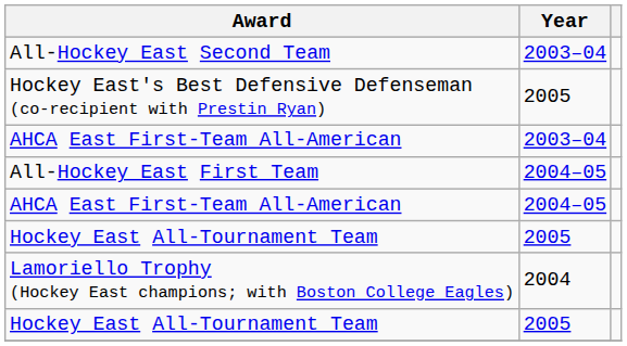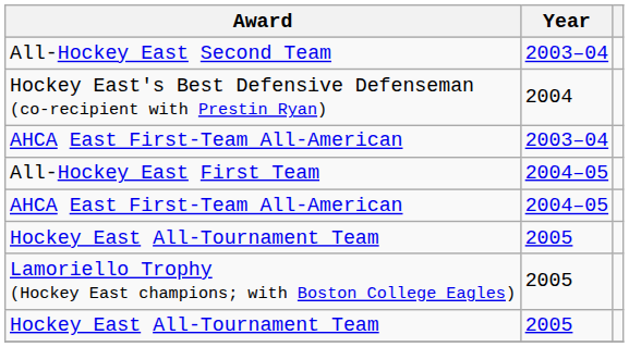 <table class="wikitable" border="1">
 <tr>
 <th>Award</th>
 <th>Year</th>
 <th></th>
 </tr>
 <tr>
 <td>All-<a href='#'>Hockey East</a> <a href='#'>Second Team</a></td>
 <td><a href='#'>2003–04</a></td>
 <td></td>
 </tr>
 <tr>
 <td>Hockey East's Best Defensive Defenseman <br><small>(co-recipient with <a href='#'>Prestin Ryan</a>)</small></td>
-<td>2005</td>
+<td>2004</td>
 <td></td>
 </tr>
 <tr>
 <td><a href='#'>AHCA</a> <a href='#'>East First-Team All-American</a></td>
 <td><a href='#'>2003–04</a></td>
 <td></td>
 </tr>
 <tr>
 <td>All-<a href='#'>Hockey East</a> <a href='#'>First Team</a></td>
 <td><a href='#'>2004–05</a></td>
 <td></td>
 </tr>
 <tr>
 <td><a href='#'>AHCA</a> <a href='#'>East First-Team All-American</a></td>
 <td><a href='#'>2004–05</a></td>
 <td></td>
 </tr>
 <tr>
 <td><a href='#'>Hockey East</a> <a href='#'>All-Tournament Team</a></td>
 <td><a href='#'>2005</a></td>
 <td></td>
 </tr>
 <tr>
 <td><a href='#'>Lamoriello Trophy</a> <br> <small>(Hockey East champions; with <a href='#'>Boston College Eagles</a>)</small></td>
-<td>2004</td>
+<td>2005</td>
 <td></td>
 </tr>
 <tr>
 <td><a href='#'>Hockey East</a> <a href='#'>All-Tournament Team</a></td>
 <td><a href='#'>2005</a></td>
 <td></td>
 </tr>
 <tr>
 </tr>
 </table>
